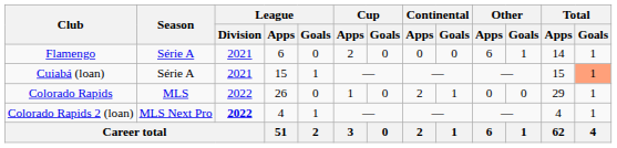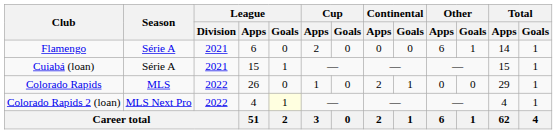 <table class="wikitable" style="text-align: center;">
 <tr>
 <th rowspan="2">Club</th>
 <th rowspan="2">Season</th>
 <th colspan="3">League</th>
 <th colspan="2">Cup</th>
 <th colspan="2">Continental</th>
 <th colspan="2">Other</th>
 <th colspan="2">Total</th>
 </tr>
 <tr>
 <th>Division</th>
 <th>Apps</th>
 <th>Goals</th>
 <th>Apps</th>
 <th>Goals</th>
 <th>Apps</th>
 <th>Goals</th>
 <th>Apps</th>
 <th>Goals</th>
 <th>Apps</th>
 <th>Goals</th>
 </tr>
 <tr>
 <td valign="center"><a href='#'>Flamengo</a></td>
 <td><a href='#'>Série A</a></td>
 <td><a href='#'>2021</a></td>
 <td>6</td>
 <td>0</td>
 <td>2</td>
 <td>0</td>
 <td>0</td>
 <td>0</td>
 <td>6</td>
 <td>1</td>
 <td>14</td>
 <td>1</td>
 </tr>
 <tr>
 <td><a href='#'>Cuiabá</a> (loan)</td>
 <td>Série A</td>
 <td><a href='#'>2021</a></td>
 <td>15</td>
 <td>1</td>
 <td colspan="2">—</td>
 <td colspan="2">—</td>
 <td colspan="2">—</td>
 <td>15</td>
-<td style="background: lightsalmon;">1</td>
+<td>1</td>
 </tr>
 <tr>
 <td><a href='#'>Colorado Rapids</a></td>
 <td><a href='#'>MLS</a></td>
 <td><a href='#'>2022</a></td>
 <td>26</td>
 <td>0</td>
 <td>1</td>
 <td>0</td>
 <td>2</td>
 <td>1</td>
 <td>0</td>
 <td>0</td>
 <td>29</td>
 <td>1</td>
 </tr>
 <tr>
 <td><a href='#'>Colorado Rapids 2</a> (loan)</td>
 <td><a href='#'>MLS Next Pro</a></td>
-<td><strong><a href='#'>2022</a></strong></td>
+<td><a href='#'>2022</a></td>
 <td>4</td>
-<td>1</td>
+<td style="background: lightyellow;">1</td>
 <td colspan="2">—</td>
 <td colspan="2">—</td>
 <td colspan="2">—</td>
 <td>4</td>
 <td>1</td>
 </tr>
 <tr>
 <th colspan="3"><strong>Career total</strong></th>
 <th>51</th>
 <th>2</th>
 <th>3</th>
 <th>0</th>
 <th>2</th>
 <th>1</th>
 <th>6</th>
 <th>1</th>
 <th>62</th>
 <th>4</th>
 </tr>
 </table>
